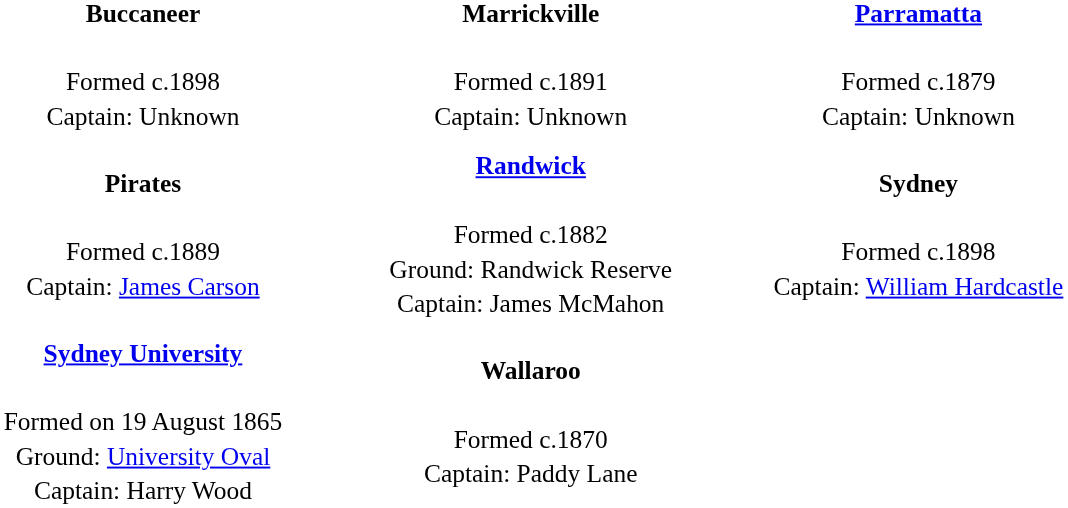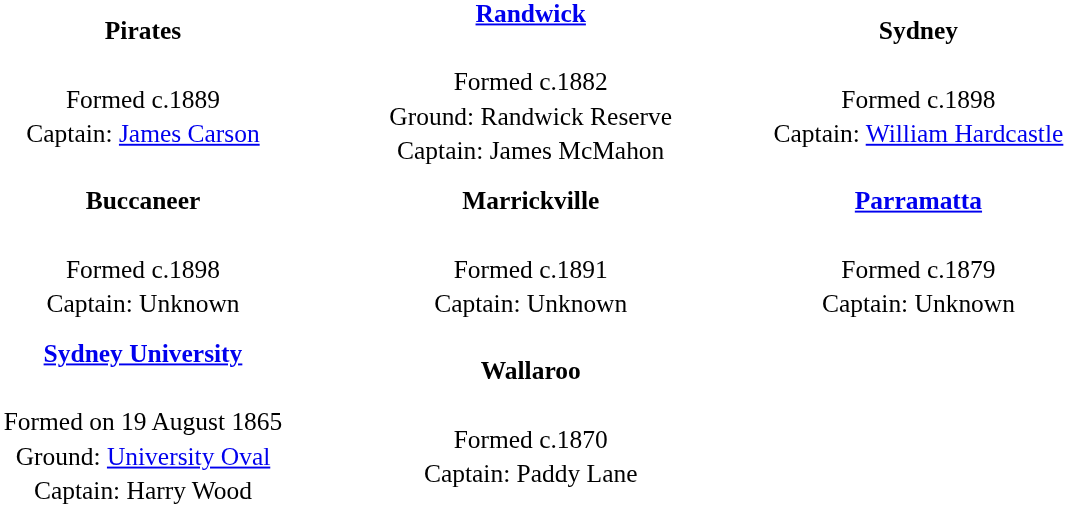 <table class="toccolours" align="center" style="text-valign: center;" cellpadding="3" cellspacing="2">
 <tr>
 <th width="195"></th>
 <th width="195"></th>
 <th width="195"></th>
 </tr>
 <tr>
+<td align="center"><strong><small>Pirates</small></strong><br><br><small>Formed c.1889</small><strong><br></strong> <small>Captain: <a href='#'>James Carson</a></small></td>
+<td align="center"><strong><small><a href='#'>Randwick</a></small></strong><br><br><small>Formed c.1882</small><strong><br></strong> <small>Ground: Randwick Reserve</small><strong><br></strong> <small>Captain: James McMahon</small></td>
+<td align="center"><strong><small>Sydney</small></strong><br><br><small>Formed c.1898</small><strong><br></strong> <small>Captain: <a href='#'>William Hardcastle</a></small></td>
+</tr>
+<tr>
 <td align="center"><strong><small>Buccaneer</small></strong><br><br><small>Formed c.1898</small><strong><br></strong> <small>Captain: Unknown</small></td>
 <td align="center"><strong><small>Marrickville</small></strong><br><br><small>Formed c.1891</small><strong><br></strong> <small>Captain: Unknown</small></td>
 <td align="center"><strong><small><a href='#'>Parramatta</a></small></strong><br><br><small>Formed c.1879</small><strong><br></strong> <small>Captain: Unknown</small></td>
-</tr>
-<tr>
-<td align="center"><strong><small>Pirates</small></strong><br><br><small>Formed c.1889</small><strong><br></strong> <small>Captain: <a href='#'>James Carson</a></small></td>
-<td align="center"><strong><small><a href='#'>Randwick</a></small></strong><br><br><small>Formed c.1882</small><strong><br></strong> <small>Ground: Randwick Reserve</small><strong><br></strong> <small>Captain: James McMahon</small></td>
-<td align="center"><strong><small>Sydney</small></strong><br><br><small>Formed c.1898</small><strong><br></strong> <small>Captain: <a href='#'>William Hardcastle</a></small></td>
 </tr>
 <tr>
 <td align="center"><strong><small><a href='#'>Sydney University</a></small></strong><br><br><small>Formed on 19 August 1865</small><strong><br></strong> <small>Ground: <a href='#'>University Oval</a></small><strong><br></strong> <small>Captain: Harry Wood</small></td>
 <td align="center"><strong><small>Wallaroo</small></strong><br><br><small>Formed c.1870</small><strong><br></strong> <small>Captain: Paddy Lane</small></td>
 </tr>
 </table>
